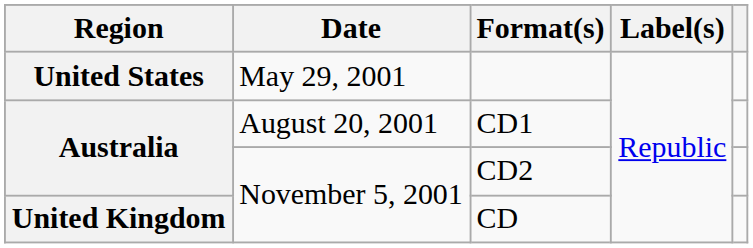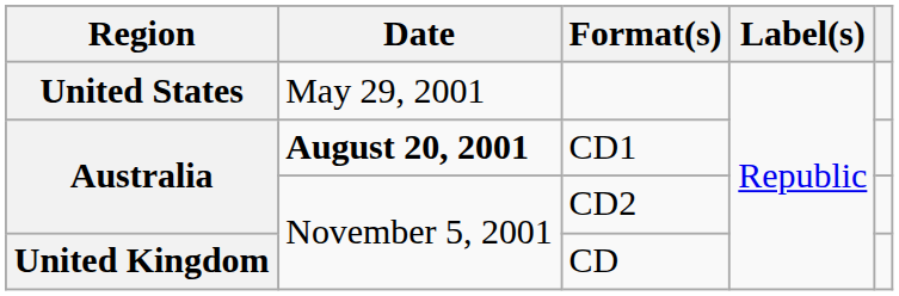 <table class="wikitable plainrowheaders" style="text-align:left">
 <tr>
 <th scope="col">Region</th>
 <th scope="col">Date</th>
 <th scope="col">Format(s)</th>
 <th scope="col">Label(s)</th>
 <th scope="col"></th>
 </tr>
 <tr>
 <th scope="row">United States</th>
 <td>May 29, 2001</td>
 <td></td>
 <td rowspan="4"><a href='#'>Republic</a></td>
 <td></td>
 </tr>
 <tr>
 <th scope="row" rowspan="2">Australia</th>
-<td>August 20, 2001</td>
+<td><strong>August 20, 2001</strong></td>
 <td>CD1</td>
 <td></td>
 </tr>
 <tr>
 <td rowspan="2">November 5, 2001</td>
 <td>CD2</td>
 <td></td>
 </tr>
 <tr>
 <th scope="row">United Kingdom</th>
 <td>CD</td>
 <td></td>
 </tr>
 </table>
